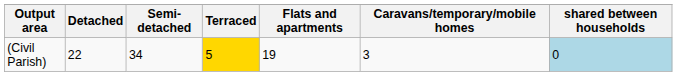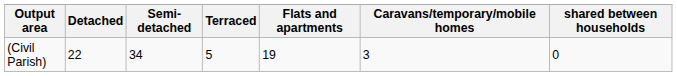 <table class="wikitable">
 <tr>
 </tr>
 <tr>
 <th>Output area</th>
 <th>Detached</th>
 <th>Semi-detached</th>
 <th>Terraced</th>
 <th>Flats and apartments</th>
 <th>Caravans/temporary/mobile homes</th>
 <th>shared between households</th>
 </tr>
 <tr>
 <td>(Civil Parish)</td>
 <td>22</td>
 <td>34</td>
-<td style="background: gold;">5</td>
+<td>5</td>
 <td>19</td>
 <td>3</td>
-<td style="background: lightblue;">0</td>
+<td>0</td>
 </tr>
 </table>
